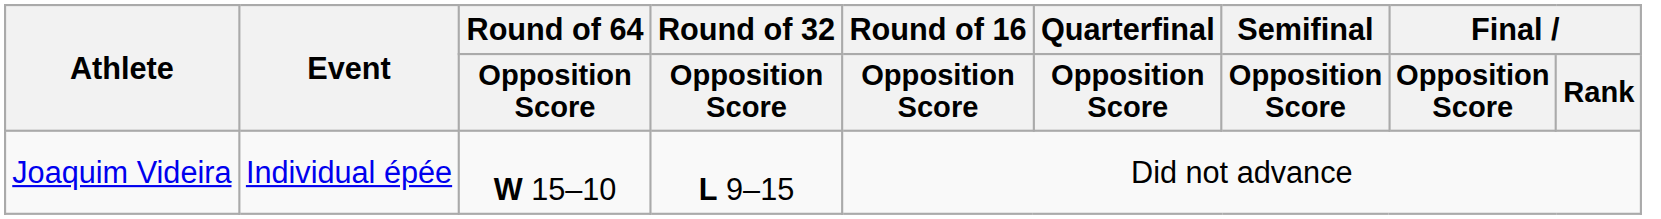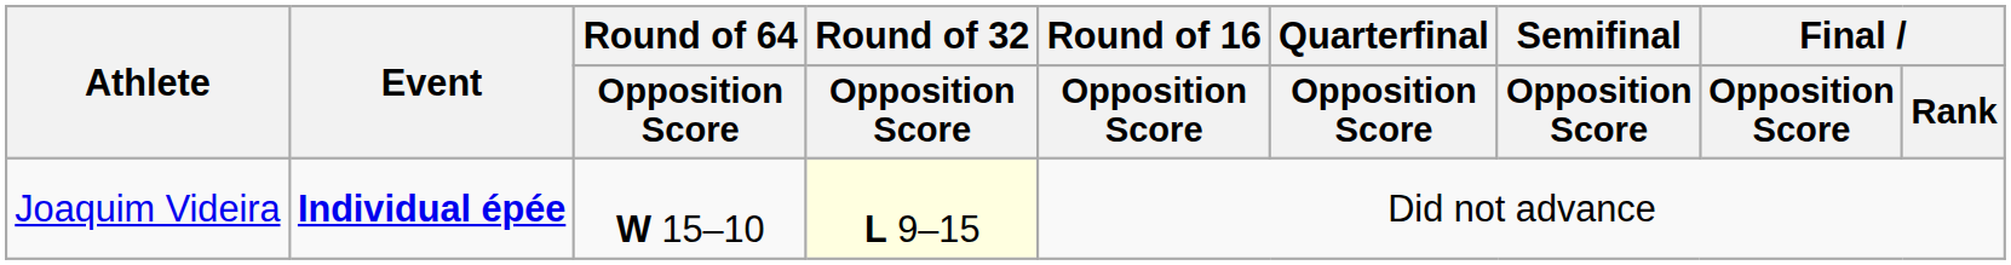 <table class="wikitable" style="font-size:90%">
 <tr>
 <th rowspan="2">Athlete</th>
 <th rowspan="2">Event</th>
 <th>Round of 64</th>
 <th>Round of 32</th>
 <th>Round of 16</th>
 <th>Quarterfinal</th>
 <th>Semifinal</th>
 <th colspan=2>Final / </th>
 </tr>
 <tr style="font-size:95%">
 <th>Opposition <br> Score</th>
 <th>Opposition <br> Score</th>
 <th>Opposition <br> Score</th>
 <th>Opposition <br> Score</th>
 <th>Opposition <br> Score</th>
 <th>Opposition <br> Score</th>
 <th>Rank</th>
 </tr>
 <tr align=center>
 <td align=left><a href='#'>Joaquim Videira</a></td>
-<td align=left><a href='#'>Individual épée</a></td>
+<td align=left><strong><a href='#'>Individual épée</a></strong></td>
 <td><br><strong>W</strong> 15–10</td>
-<td><br><strong>L</strong> 9–15</td>
+<td style="background: lightyellow;"><br><strong>L</strong> 9–15</td>
 <td colspan=5>Did not advance</td>
 </tr>
 </table>
